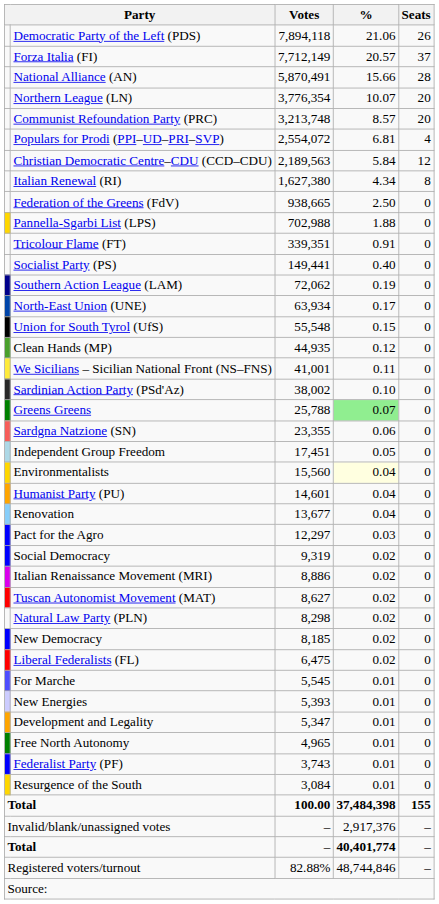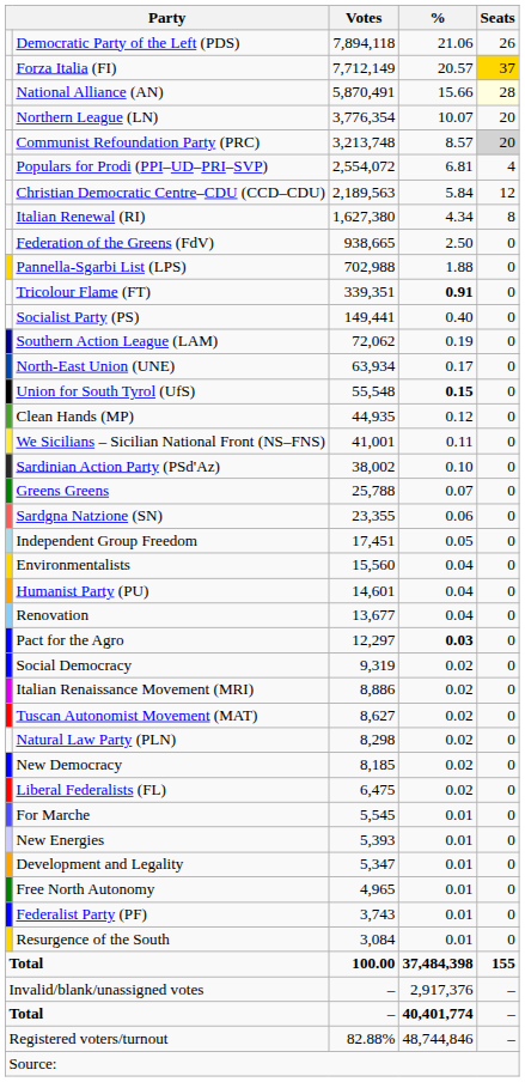 <table class="wikitable" style="text-align:right">
 <tr>
 <th colspan=2>Party</th>
 <th>Votes</th>
 <th>%</th>
 <th>Seats</th>
 </tr>
 <tr>
 <td></td>
 <td align="left"><a href='#'>Democratic Party of the Left</a> (PDS)</td>
 <td align="right">7,894,118</td>
 <td align="right">21.06</td>
 <td align="right">26</td>
 </tr>
 <tr>
 <td></td>
 <td align="left"><a href='#'>Forza Italia</a> (FI)</td>
 <td align="right">7,712,149</td>
 <td align="right">20.57</td>
-<td align="right">37</td>
+<td align="right" style="background: gold;">37</td>
 </tr>
 <tr>
 <td></td>
 <td align="left"><a href='#'>National Alliance</a> (AN)</td>
 <td align="right">5,870,491</td>
 <td align="right">15.66</td>
-<td align="right">28</td>
+<td align="right" style="background: lightyellow;">28</td>
 </tr>
 <tr>
 <td></td>
 <td align="left"><a href='#'>Northern League</a> (LN)</td>
 <td align="right">3,776,354</td>
 <td align="right">10.07</td>
 <td align="right">20</td>
 </tr>
 <tr>
 <td></td>
 <td align="left"><a href='#'>Communist Refoundation Party</a> (PRC)</td>
 <td align="right">3,213,748</td>
 <td align="right">8.57</td>
-<td align="right">20</td>
+<td align="right" style="background: lightgrey;">20</td>
 </tr>
 <tr>
 <td></td>
 <td align="left"><a href='#'>Populars for Prodi</a> (<a href='#'>PPI</a>–<a href='#'>UD</a>–<a href='#'>PRI</a>–<a href='#'>SVP</a>)</td>
 <td align="right">2,554,072</td>
 <td align="right">6.81</td>
 <td align="right">4</td>
 </tr>
 <tr>
 <td></td>
 <td align="left"><a href='#'>Christian Democratic Centre</a>–<a href='#'>CDU</a> (CCD–CDU)</td>
 <td align="right">2,189,563</td>
 <td align="right">5.84</td>
 <td align="right">12</td>
 </tr>
 <tr>
 <td></td>
 <td align="left"><a href='#'>Italian Renewal</a> (RI)</td>
 <td align="right">1,627,380</td>
 <td align="right">4.34</td>
 <td align="right">8</td>
 </tr>
 <tr>
 <td></td>
 <td align="left"><a href='#'>Federation of the Greens</a> (FdV)</td>
 <td align="right">938,665</td>
 <td align="right">2.50</td>
 <td align="right">0</td>
 </tr>
 <tr>
 <td bgcolor="gold"></td>
 <td align="left"><a href='#'>Pannella-Sgarbi List</a> (LPS)</td>
 <td align="right">702,988</td>
 <td align="right">1.88</td>
 <td align="right">0</td>
 </tr>
 <tr>
 <td></td>
 <td align="left"><a href='#'>Tricolour Flame</a> (FT)</td>
 <td align="right">339,351</td>
-<td align="right">0.91</td>
+<td align="right"><strong>0.91</strong></td>
 <td align="right">0</td>
 </tr>
 <tr>
 <td></td>
 <td align="left"><a href='#'>Socialist Party</a> (PS)</td>
 <td align="right">149,441</td>
 <td align="right">0.40</td>
 <td align="right">0</td>
 </tr>
 <tr>
 <td bgcolor="darkblue"></td>
 <td align="left"><a href='#'>Southern Action League</a> (LAM)</td>
 <td align="right">72,062</td>
 <td align="right">0.19</td>
 <td align="right">0</td>
 </tr>
 <tr>
 <td bgcolor="#0045AA"></td>
 <td align="left"><a href='#'>North-East Union</a>  (UNE)</td>
 <td align="right">63,934</td>
 <td align="right">0.17</td>
 <td align="right">0</td>
 </tr>
 <tr>
 <td bgcolor="black"></td>
 <td align="left"><a href='#'>Union for South Tyrol</a> (UfS)</td>
 <td align="right">55,548</td>
-<td align="right">0.15</td>
+<td align="right"><strong>0.15</strong></td>
 <td align="right">0</td>
 </tr>
 <tr>
 <td bgcolor="#4AA02C"></td>
 <td align="left">Clean Hands (MP)</td>
 <td align="right">44,935</td>
 <td align="right">0.12</td>
 <td align="right">0</td>
 </tr>
 <tr>
 <td bgcolor="#FFEB3B"></td>
 <td align="left"><a href='#'>We Sicilians</a> – Sicilian National Front (NS–FNS)</td>
 <td align="right">41,001</td>
 <td align="right">0.11</td>
 <td align="right">0</td>
 </tr>
 <tr>
 <td bgcolor="#282828"></td>
 <td align="left"><a href='#'>Sardinian Action Party</a> (PSd'Az)</td>
 <td align="right">38,002</td>
 <td align="right">0.10</td>
 <td align="right">0</td>
 </tr>
 <tr>
 <td bgcolor="green"></td>
 <td align="left"><a href='#'>Greens Greens</a></td>
 <td align="right">25,788</td>
-<td align="right" style="background: lightgreen;">0.07</td>
+<td align="right">0.07</td>
 <td align="right">0</td>
 </tr>
 <tr>
 <td bgcolor="#F75D59"></td>
 <td align="left"><a href='#'>Sardgna Natzione</a> (SN)</td>
 <td align="right">23,355</td>
 <td align="right">0.06</td>
 <td align="right">0</td>
 </tr>
 <tr>
 <td bgcolor="lightblue"></td>
 <td align="left">Independent Group Freedom</td>
 <td align="right">17,451</td>
 <td align="right">0.05</td>
 <td align="right">0</td>
 </tr>
 <tr>
 <td bgcolor="gold"></td>
 <td align="left">Environmentalists</td>
 <td align="right">15,560</td>
-<td align="right" style="background: lightyellow;">0.04</td>
+<td align="right">0.04</td>
 <td align="right">0</td>
 </tr>
 <tr>
 <td bgcolor="orange"></td>
 <td align="left"><a href='#'>Humanist Party</a> (PU)</td>
 <td align="right">14,601</td>
 <td align="right">0.04</td>
 <td align="right">0</td>
 </tr>
 <tr>
 <td bgcolor="lightskyblue"></td>
 <td align="left">Renovation</td>
 <td align="right">13,677</td>
 <td align="right">0.04</td>
 <td align="right">0</td>
 </tr>
 <tr>
 <td bgcolor="blue"></td>
 <td align="left">Pact for the Agro</td>
 <td align="right">12,297</td>
-<td align="right">0.03</td>
+<td align="right"><strong>0.03</strong></td>
 <td align="right">0</td>
 </tr>
 <tr>
 <td bgcolor="blue"></td>
 <td align="left">Social Democracy</td>
 <td align="right">9,319</td>
 <td align="right">0.02</td>
 <td align="right">0</td>
 </tr>
 <tr>
 <td bgcolor="darred"></td>
 <td align="left">Italian Renaissance Movement (MRI)</td>
 <td align="right">8,886</td>
 <td align="right">0.02</td>
 <td align="right">0</td>
 </tr>
 <tr>
 <td bgcolor="red"></td>
 <td align="left"><a href='#'>Tuscan Autonomist Movement</a> (MAT)</td>
 <td align="right">8,627</td>
 <td align="right">0.02</td>
 <td align="right">0</td>
 </tr>
 <tr>
 <td></td>
 <td align="left"><a href='#'>Natural Law Party</a> (PLN)</td>
 <td align="right">8,298</td>
 <td align="right">0.02</td>
 <td align="right">0</td>
 </tr>
 <tr>
 <td bgcolor="blue"></td>
 <td align="left">New Democracy</td>
 <td align="right">8,185</td>
 <td align="right">0.02</td>
 <td align="right">0</td>
 </tr>
 <tr>
 <td bgcolor="red"></td>
 <td align="left"><a href='#'>Liberal Federalists</a> (FL)</td>
 <td align="right">6,475</td>
 <td align="right">0.02</td>
 <td align="right">0</td>
 </tr>
 <tr>
 <td bgcolor="#4D4DFF"></td>
 <td align="left">For Marche</td>
 <td align="right">5,545</td>
 <td align="right">0.01</td>
 <td align="right">0</td>
 </tr>
 <tr>
 <td bgcolor="#CCCCFF"></td>
 <td align="left">New Energies</td>
 <td align="right">5,393</td>
 <td align="right">0.01</td>
 <td align="right">0</td>
 </tr>
 <tr>
 <td bgcolor="orange"></td>
 <td align="left">Development and Legality</td>
 <td align="right">5,347</td>
 <td align="right">0.01</td>
 <td align="right">0</td>
 </tr>
 <tr>
 <td bgcolor="green"></td>
 <td align="left">Free North Autonomy</td>
 <td align="right">4,965</td>
 <td align="right">0.01</td>
 <td align="right">0</td>
 </tr>
 <tr>
 <td bgcolor="blue"></td>
 <td align="left"><a href='#'>Federalist Party</a> (PF)</td>
 <td align="right">3,743</td>
 <td align="right">0.01</td>
 <td align="right">0</td>
 </tr>
 <tr>
 <td bgcolor="gold"></td>
 <td align="left">Resurgence of the South</td>
 <td align="right">3,084</td>
 <td align="right">0.01</td>
 <td align="right">0</td>
 </tr>
 <tr>
 <td align="left" colspan=2><strong>Total</strong></td>
 <td align="right"><strong>100.00</strong></td>
 <td align="right"><strong>37,484,398</strong></td>
 <td align="right"><strong>155</strong></td>
 </tr>
 <tr>
 <td style="text-align:left;" colspan="2">Invalid/blank/unassigned votes</td>
 <td>–</td>
 <td>2,917,376</td>
 <td>–</td>
 </tr>
 <tr>
 <td style="text-align:left;" colspan="2"><strong>Total</strong></td>
 <td>–</td>
 <td><strong>40,401,774</strong></td>
 <td>–</td>
 </tr>
 <tr>
 <td style="text-align:left;" colspan="2">Registered voters/turnout</td>
 <td>82.88%</td>
 <td>48,744,846</td>
 <td>–</td>
 </tr>
 <tr>
 <td style="text-align:left;" colspan="7">Source: </td>
 </tr>
 </table>
